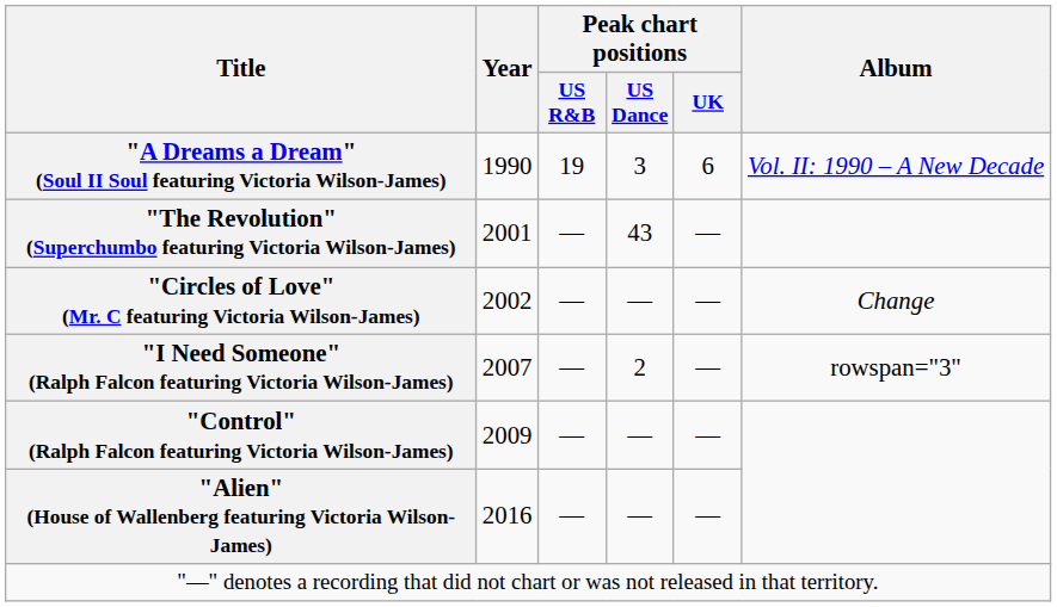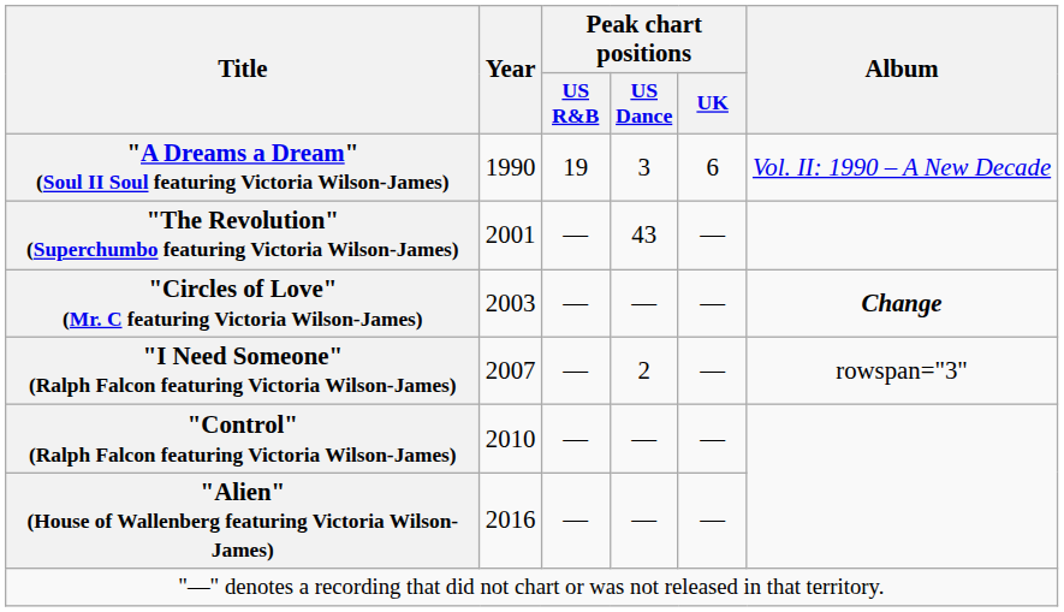 <table class="wikitable plainrowheaders" style="text-align: center;" border="1">
 <tr>
 <th scope="col" rowspan="2" style="width:18.5em;">Title</th>
 <th scope="col" rowspan="2" style="width:1em;">Year</th>
 <th scope="col" colspan="3">Peak chart positions</th>
 <th scope="col" rowspan="2">Album</th>
 </tr>
 <tr>
 <th scope="col" style="width:2.75em;font-size:85%;"><a href='#'>US<br>R&B</a></th>
 <th scope="col" style="width:2.75em;font-size:85%;"><a href='#'>US<br>Dance</a></th>
 <th scope="col" style="width:2.75em;font-size:85%;"><a href='#'>UK</a></th>
 </tr>
 <tr>
 <th scope="row">"<a href='#'>A Dreams a Dream</a>"<br><small>(<a href='#'>Soul II Soul</a> featuring Victoria Wilson-James)</small></th>
 <td>1990</td>
 <td>19</td>
 <td>3</td>
 <td>6</td>
 <td><em><a href='#'>Vol. II: 1990 – A New Decade</a></em></td>
 </tr>
 <tr>
 <th scope="row">"The Revolution"<br><small>(<a href='#'>Superchumbo</a> featuring Victoria Wilson-James)</small></th>
 <td>2001</td>
 <td>—</td>
 <td>43</td>
 <td>—</td>
 <td></td>
 </tr>
 <tr>
 <th scope="row">"Circles of Love"<br><small>(<a href='#'>Mr. C</a> featuring Victoria Wilson-James)</small></th>
-<td>2002</td>
+<td>2003</td>
 <td>—</td>
 <td>—</td>
 <td>—</td>
-<td><em>Change</em></td>
+<td><strong><em>Change</em></strong></td>
 </tr>
 <tr>
 <th scope="row">"I Need Someone"<br><small>(Ralph Falcon featuring Victoria Wilson-James)</small></th>
 <td>2007</td>
 <td>—</td>
 <td>2</td>
 <td>—</td>
 <td>rowspan="3" </td>
 </tr>
 <tr>
 <th scope="row">"Control"<br><small>(Ralph Falcon featuring Victoria Wilson-James)</small></th>
-<td>2009</td>
+<td>2010</td>
 <td>—</td>
 <td>—</td>
 <td>—</td>
 </tr>
 <tr>
 <th scope="row">"Alien"<br><small>(House of Wallenberg featuring Victoria Wilson-James)</small></th>
 <td>2016</td>
 <td>—</td>
 <td>—</td>
 <td>—</td>
 </tr>
 <tr>
 <td colspan="6" style="font-size:90%">"—" denotes a recording that did not chart or was not released in that territory.</td>
 </tr>
 </table>
